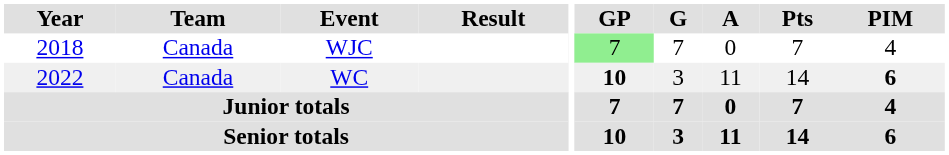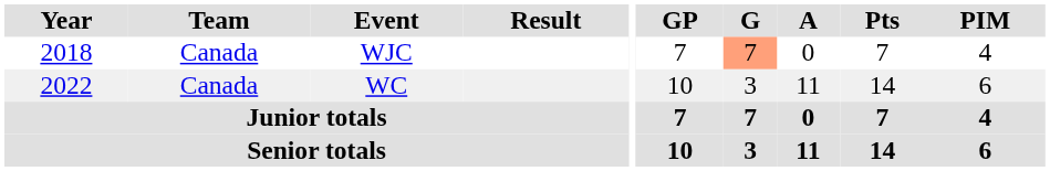 <table border="0" cellpadding="1" cellspacing="0" ID="Table3" style="text-align:center; width:40em">
 <tr ALIGN="center" bgcolor="#e0e0e0">
 <th>Year</th>
 <th>Team</th>
 <th>Event</th>
 <th>Result</th>
 <th rowspan="99" bgcolor="#ffffff"></th>
 <th>GP</th>
 <th>G</th>
 <th>A</th>
 <th>Pts</th>
 <th>PIM</th>
 </tr>
 <tr>
 <td><a href='#'>2018</a></td>
 <td><a href='#'>Canada</a></td>
 <td><a href='#'>WJC</a></td>
 <td></td>
-<td style="background: lightgreen;">7</td>
 <td>7</td>
+<td style="background: lightsalmon;">7</td>
 <td>0</td>
 <td>7</td>
 <td>4</td>
 </tr>
 <tr style="background:#f0f0f0;">
 <td><a href='#'>2022</a></td>
 <td><a href='#'>Canada</a></td>
 <td><a href='#'>WC</a></td>
 <td></td>
-<td><strong>10</strong></td>
+<td>10</td>
 <td>3</td>
 <td>11</td>
 <td>14</td>
-<td><strong>6</strong></td>
+<td>6</td>
 </tr>
 <tr bgcolor="#e0e0e0">
 <th colspan="4">Junior totals</th>
 <th>7</th>
 <th>7</th>
 <th>0</th>
 <th>7</th>
 <th>4</th>
 </tr>
 <tr bgcolor="#e0e0e0">
 <th colspan="4">Senior totals</th>
 <th>10</th>
 <th>3</th>
 <th>11</th>
 <th>14</th>
 <th>6</th>
 </tr>
 </table>
